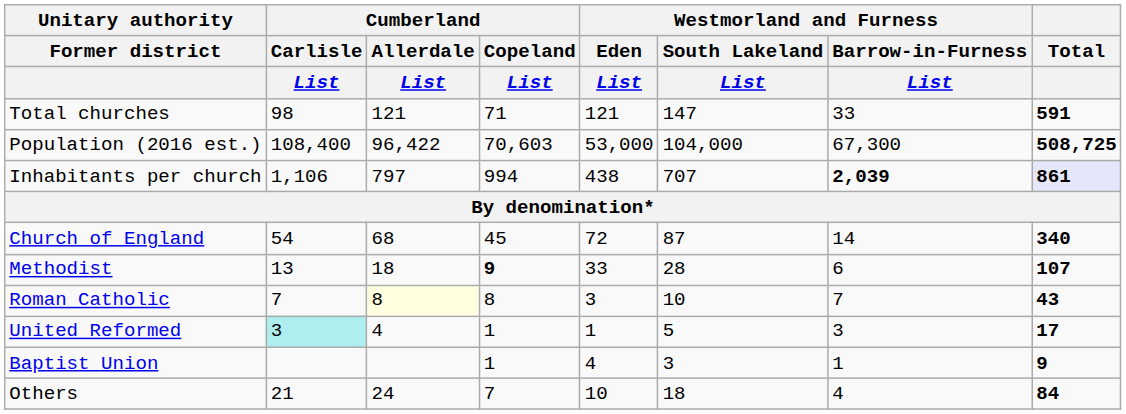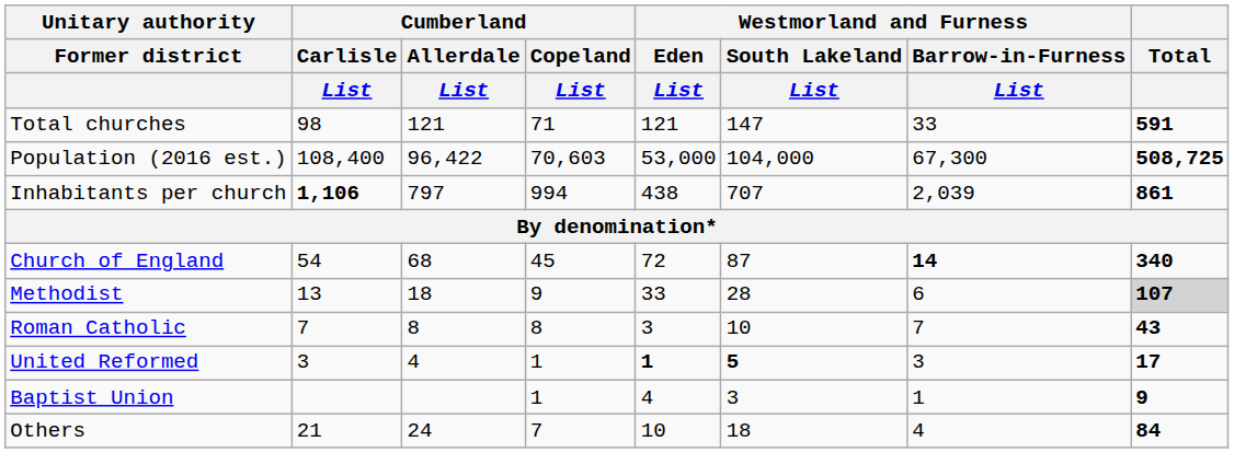 <table class="wikitable">
 <tr>
 <th colspan="1">Unitary authority</th>
 <th colspan="3">Cumberland</th>
 <th colspan="3">Westmorland and Furness</th>
 <th colspan="1"></th>
 </tr>
 <tr>
 <th>Former district</th>
 <th>Carlisle</th>
 <th>Allerdale</th>
 <th>Copeland</th>
 <th>Eden</th>
 <th>South Lakeland</th>
 <th>Barrow-in-Furness</th>
 <th>Total</th>
 </tr>
 <tr>
 <th></th>
 <th><em><a href='#'>List</a></em></th>
 <th><em><a href='#'>List</a></em></th>
 <th><em><a href='#'>List</a></em></th>
 <th><em><a href='#'>List</a></em></th>
 <th><em><a href='#'>List</a></em></th>
 <th><em><a href='#'>List</a></em></th>
 <th></th>
 </tr>
 <tr>
 <td>Total churches</td>
 <td>98</td>
 <td>121</td>
 <td>71</td>
 <td>121</td>
 <td>147</td>
 <td>33</td>
 <td><strong>591</strong></td>
 </tr>
 <tr>
 <td>Population (2016 est.)</td>
 <td>108,400</td>
 <td>96,422</td>
 <td>70,603</td>
 <td>53,000</td>
 <td>104,000</td>
 <td>67,300</td>
 <td><strong>508,725</strong></td>
 </tr>
 <tr>
 <td>Inhabitants per church</td>
-<td>1,106</td>
+<td><strong>1,106</strong></td>
 <td>797</td>
 <td>994</td>
 <td>438</td>
 <td>707</td>
-<td><strong>2,039</strong></td>
-<td style="background: lavender;"><strong>861</strong></td>
+<td>2,039</td>
+<td><strong>861</strong></td>
 </tr>
 <tr>
 <th colspan="8">By denomination*</th>
 </tr>
 <tr>
 <td><a href='#'>Church of England</a></td>
 <td>54</td>
 <td>68</td>
 <td>45</td>
 <td>72</td>
 <td>87</td>
-<td>14</td>
+<td><strong>14</strong></td>
 <td><strong>340</strong></td>
 </tr>
 <tr>
 <td><a href='#'>Methodist</a></td>
 <td>13</td>
 <td>18</td>
-<td><strong>9</strong></td>
+<td>9</td>
 <td>33</td>
 <td>28</td>
 <td>6</td>
-<td><strong>107</strong></td>
+<td style="background: lightgrey;"><strong>107</strong></td>
 </tr>
 <tr>
 <td><a href='#'>Roman Catholic</a></td>
 <td>7</td>
-<td style="background: lightyellow;">8</td>
+<td>8</td>
 <td>8</td>
 <td>3</td>
 <td>10</td>
 <td>7</td>
 <td><strong>43</strong></td>
 </tr>
 <tr>
 <td><a href='#'>United Reformed</a></td>
-<td style="background: paleturquoise;">3</td>
+<td>3</td>
 <td>4</td>
 <td>1</td>
-<td>1</td>
-<td>5</td>
+<td><strong>1</strong></td>
+<td><strong>5</strong></td>
 <td>3</td>
 <td><strong>17</strong></td>
 </tr>
 <tr>
 <td><a href='#'>Baptist Union</a></td>
 <td></td>
 <td></td>
 <td>1</td>
 <td>4</td>
 <td>3</td>
 <td>1</td>
 <td><strong>9</strong></td>
 </tr>
 <tr>
 <td>Others</td>
 <td>21</td>
 <td>24</td>
 <td>7</td>
 <td>10</td>
 <td>18</td>
 <td>4</td>
 <td><strong>84</strong></td>
 </tr>
 </table>
